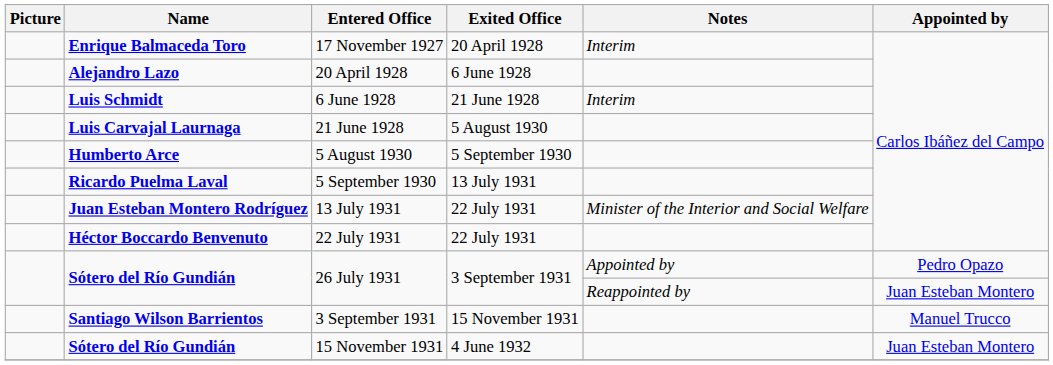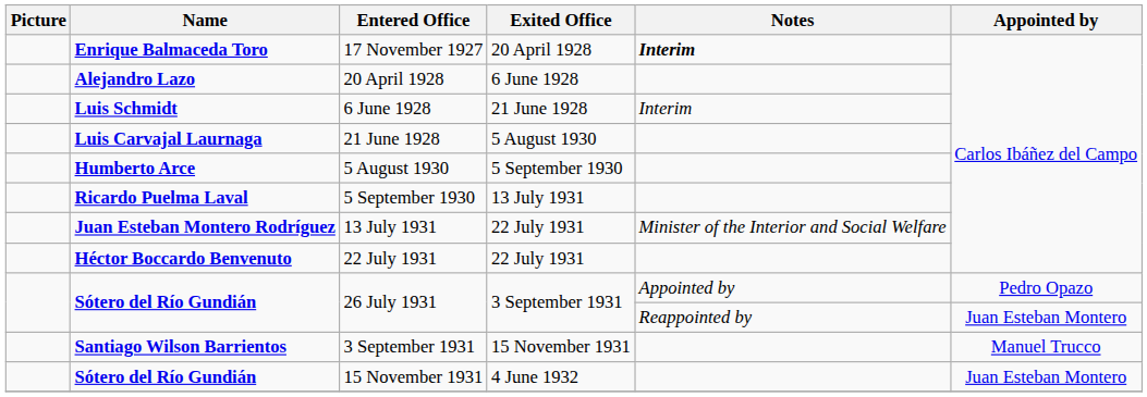 <table class="wikitable" style="margin:1em auto; font-size:95%;">
 <tr>
 <th>Picture</th>
 <th>Name</th>
 <th>Entered Office</th>
 <th>Exited Office</th>
 <th>Notes</th>
 <th>Appointed by</th>
 </tr>
 <tr>
 <td></td>
 <td><strong><a href='#'>Enrique Balmaceda Toro</a></strong></td>
 <td>17 November 1927</td>
 <td>20 April 1928</td>
-<td><em>Interim</em></td>
+<td><strong><em>Interim</em></strong></td>
 <td rowspan=8 align=center><a href='#'>Carlos Ibáñez del Campo</a></td>
 </tr>
 <tr>
 <td></td>
 <td><strong><a href='#'>Alejandro Lazo</a></strong></td>
 <td>20 April 1928</td>
 <td>6 June 1928</td>
 <td></td>
 </tr>
 <tr>
 <td></td>
 <td><strong><a href='#'>Luis Schmidt</a></strong></td>
 <td>6 June 1928</td>
 <td>21 June 1928</td>
 <td><em>Interim</em></td>
 </tr>
 <tr>
 <td></td>
 <td><strong><a href='#'>Luis Carvajal Laurnaga</a></strong></td>
 <td>21 June 1928</td>
 <td>5 August 1930</td>
 <td></td>
 </tr>
 <tr>
 <td></td>
 <td><strong><a href='#'>Humberto Arce</a></strong></td>
 <td>5 August 1930</td>
 <td>5 September 1930</td>
 <td></td>
 </tr>
 <tr>
 <td></td>
 <td><strong><a href='#'>Ricardo Puelma Laval</a></strong></td>
 <td>5 September 1930</td>
 <td>13 July 1931</td>
 <td></td>
 </tr>
 <tr>
 <td></td>
 <td><strong><a href='#'>Juan Esteban Montero Rodríguez</a></strong></td>
 <td>13 July 1931</td>
 <td>22 July 1931</td>
 <td><em>Minister of the Interior and Social Welfare</em></td>
 </tr>
 <tr>
 <td></td>
 <td><strong><a href='#'>Héctor Boccardo Benvenuto</a></strong></td>
 <td>22 July 1931</td>
 <td>22 July 1931</td>
 <td></td>
 </tr>
 <tr>
 <td rowspan=2></td>
 <td rowspan=2><strong><a href='#'>Sótero del Río Gundián</a></strong></td>
 <td rowspan=2>26 July 1931</td>
 <td rowspan=2>3 September 1931</td>
 <td><em>Appointed by</em></td>
 <td align=center><a href='#'>Pedro Opazo</a></td>
 </tr>
 <tr>
 <td><em>Reappointed by</em></td>
 <td align=center><a href='#'>Juan Esteban Montero</a></td>
 </tr>
 <tr>
 <td></td>
 <td><strong><a href='#'>Santiago Wilson Barrientos</a></strong></td>
 <td>3 September 1931</td>
 <td>15 November 1931</td>
 <td></td>
 <td align=center><a href='#'>Manuel Trucco</a></td>
 </tr>
 <tr>
 <td></td>
 <td><strong><a href='#'>Sótero del Río Gundián</a></strong></td>
 <td>15 November 1931</td>
 <td>4 June 1932</td>
 <td></td>
 <td align=center><a href='#'>Juan Esteban Montero</a></td>
 </tr>
 <tr>
 </tr>
 </table>
